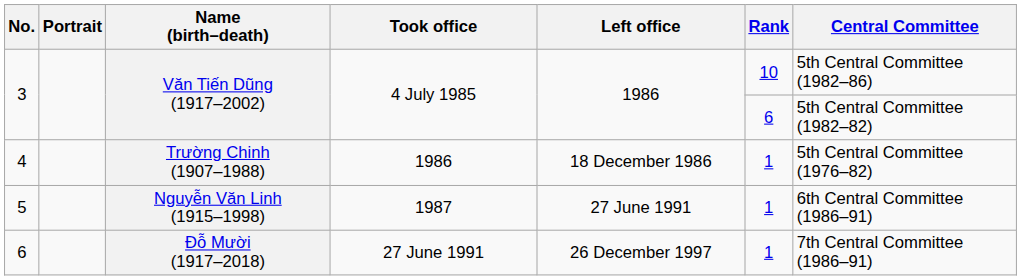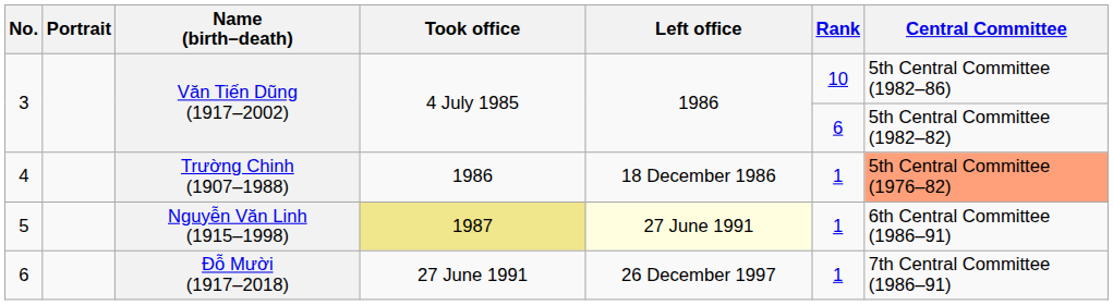 <table class="wikitable">
 <tr>
 <th scope="col" style="width:1em;">No.<br></th>
 <th scope="col" style="width:1em;">Portrait</th>
 <th scope="col" style="width:13em;">Name<br>(birth–death)</th>
 <th scope="col" style="width:12em;">Took office</th>
 <th scope="col" style="width:12em;">Left office</th>
 <th scope="col" style="width:1em;"><a href='#'>Rank</a><br></th>
 <th scope="col" style="width:13em;"><a href='#'>Central Committee</a></th>
 </tr>
 <tr>
 <td rowspan="2" align="center">3</td>
 <td rowspan="2" align="center"></td>
 <th rowspan="2" align="center" scope="row" style="font-weight:normal;"><a href='#'>Văn Tiến Dũng</a><br>(1917–2002)</th>
 <td rowspan="2" align="center">4 July 1985</td>
 <td rowspan="2" align="center">1986</td>
 <td align="center"><a href='#'>10</a></td>
 <td>5th Central Committee<br>(1982–86)</td>
 </tr>
 <tr>
 <td align="center"><a href='#'>6</a></td>
 <td>5th Central Committee<br>(1982–82)</td>
 </tr>
 <tr>
 <td align="center">4</td>
 <td align="center"></td>
 <th align="center" scope="row" style="font-weight:normal;"><a href='#'>Trường Chinh</a><br>(1907–1988)</th>
 <td align="center">1986</td>
 <td align="center">18 December 1986</td>
 <td align="center"><a href='#'>1</a></td>
-<td>5th Central Committee<br>(1976–82)</td>
+<td style="background: lightsalmon;">5th Central Committee<br>(1976–82)</td>
 </tr>
 <tr>
 <td align="center">5</td>
 <td align="center"><br></td>
 <th align="center" scope="row" style="font-weight:normal;"><a href='#'>Nguyễn Văn Linh</a><br>(1915–1998)</th>
-<td align="center">1987</td>
-<td align="center">27 June 1991</td>
+<td align="center" style="background: khaki;">1987</td>
+<td align="center" style="background: lightyellow;">27 June 1991</td>
 <td align="center"><a href='#'>1</a></td>
 <td>6th Central Committee<br>(1986–91)</td>
 </tr>
 <tr>
 <td align="center">6</td>
 <td align="center"></td>
 <th align="center" scope="row" style="font-weight:normal;"><a href='#'>Đỗ Mười</a><br>(1917–2018)</th>
 <td align="center">27 June 1991</td>
 <td align="center">26 December 1997</td>
 <td align="center"><a href='#'>1</a></td>
 <td>7th Central Committee<br>(1986–91)</td>
 </tr>
 </table>
